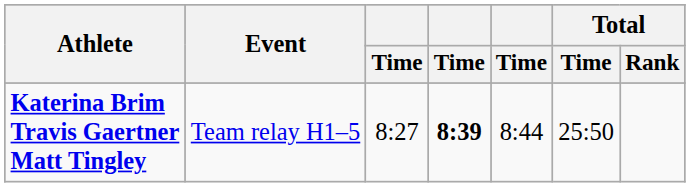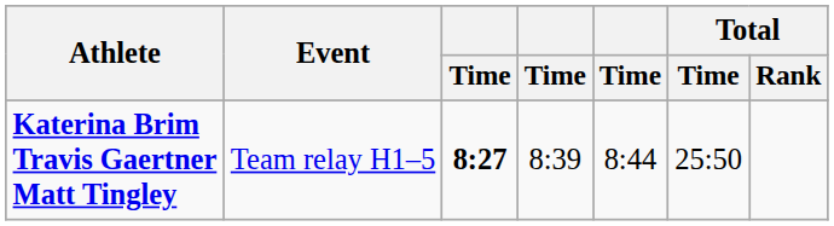 <table class=wikitable style=font-size:90%;text-align:center>
 <tr>
 <th rowspan=2>Athlete</th>
 <th rowspan=2>Event</th>
 <th></th>
 <th></th>
 <th></th>
 <th colspan=2>Total</th>
 </tr>
 <tr style=font-size:95%>
 <th>Time</th>
 <th>Time</th>
 <th>Time</th>
 <th>Time</th>
 <th>Rank</th>
 </tr>
 <tr>
 <td align=left><strong><a href='#'>Katerina Brim</a><br><a href='#'>Travis Gaertner</a><br><a href='#'>Matt Tingley</a></strong></td>
 <td align=left><a href='#'>Team relay H1–5</a></td>
-<td>8:27</td>
-<td><strong>8:39</strong></td>
+<td><strong>8:27</strong></td>
+<td>8:39</td>
 <td>8:44</td>
 <td>25:50</td>
 <td></td>
 </tr>
 </table>
